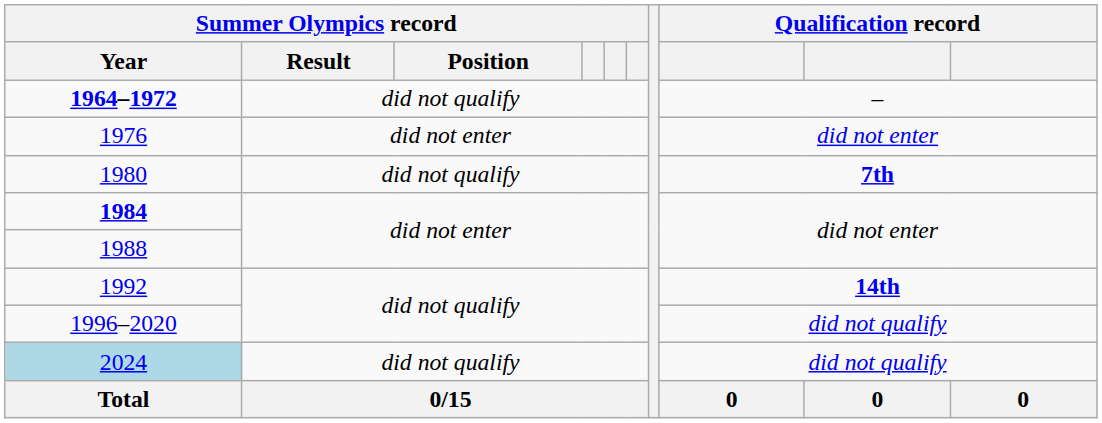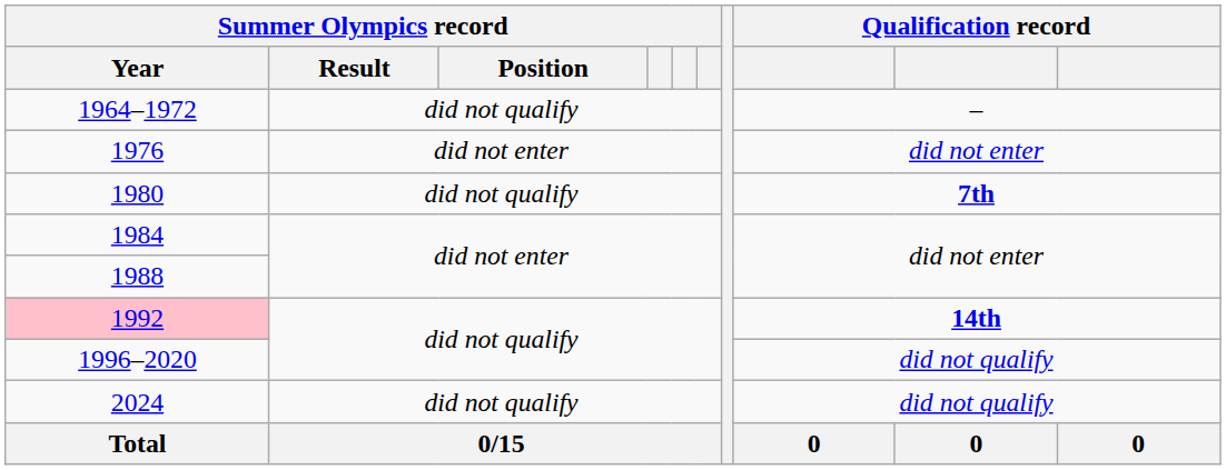 <table class="wikitable" style="text-align: center;">
 <tr>
 <th colspan=6><a href='#'>Summer Olympics</a> record</th>
 <th style="width:1%;" rowspan="25"></th>
 <th colspan=3><a href='#'>Qualification</a> record</th>
 </tr>
 <tr>
 <th>Year</th>
 <th>Result</th>
 <th>Position</th>
 <th></th>
 <th></th>
 <th></th>
 <th></th>
 <th></th>
 <th></th>
 </tr>
 <tr>
-<td><strong> <a href='#'>1964</a>–<a href='#'>1972</a> </strong></td>
+<td> <a href='#'>1964</a>–<a href='#'>1972</a> </td>
 <td colspan=6><em>did not qualify</em></td>
 <td colspan=3><em>–</em></td>
 </tr>
 <tr>
 <td> <a href='#'>1976</a></td>
 <td colspan=6><em>did not enter</em></td>
 <td colspan=3><em><a href='#'>did not enter</a></em></td>
 </tr>
 <tr>
 <td> <a href='#'>1980</a></td>
 <td colspan=6><em>did not qualify</em></td>
 <td colspan=3><strong><a href='#'>7th</a></strong></td>
 </tr>
 <tr>
-<td><strong> <a href='#'>1984</a></strong></td>
+<td> <a href='#'>1984</a></td>
 <td colspan=6 rowspan=2><em>did not enter</em></td>
 <td colspan=3 rowspan=2><em>did not enter</em></td>
 </tr>
 <tr>
 <td> <a href='#'>1988</a></td>
 </tr>
 <tr>
-<td> <a href='#'>1992</a></td>
+<td style="background: pink;"> <a href='#'>1992</a></td>
 <td colspan=6 rowspan=2><em>did not qualify</em></td>
 <td colspan=3><strong><a href='#'>14th</a></strong></td>
 </tr>
 <tr>
 <td> <a href='#'>1996</a>–<a href='#'>2020</a> </td>
 <td colspan=3><em><a href='#'>did not qualify</a></em></td>
 </tr>
 <tr>
-<td style="background: lightblue;"> <a href='#'>2024</a></td>
+<td> <a href='#'>2024</a></td>
 <td colspan=6><em>did not qualify</em></td>
 <td colspan=3><em><a href='#'>did not qualify</a></em></td>
 </tr>
 <tr>
 <th>Total</th>
 <th colspan=6>0/15</th>
 <th>0</th>
 <th>0</th>
 <th>0</th>
 </tr>
 </table>
